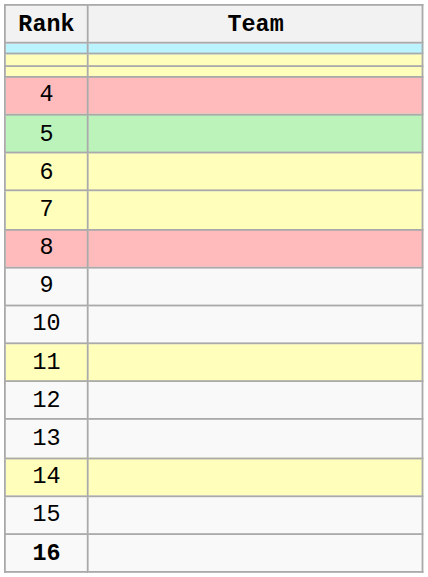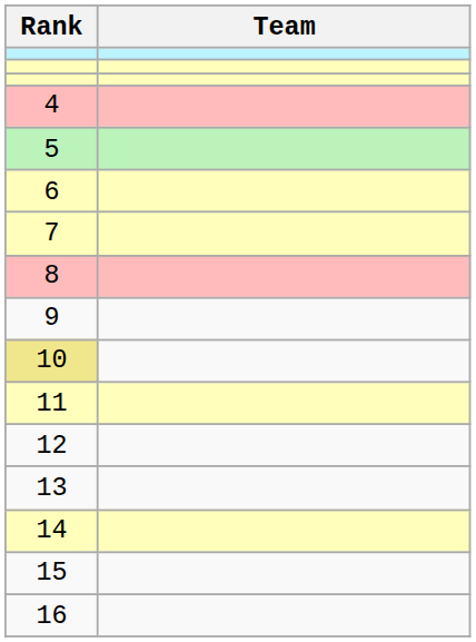 <table class="wikitable">
 <tr>
 <th width=40>Rank</th>
 <th width=180>Team</th>
 </tr>
 <tr bgcolor=#BBF3FF>
 <td align=center></td>
 <td></td>
 </tr>
 <tr bgcolor=#FFFFBB>
 <td align=center></td>
 <td></td>
 </tr>
 <tr bgcolor=#FFFFBB>
 <td align=center></td>
 <td></td>
 </tr>
 <tr bgcolor=#FFBBBB>
 <td align=center>4</td>
 <td></td>
 </tr>
 <tr bgcolor=#BBF3BB>
 <td align=center>5</td>
 <td></td>
 </tr>
 <tr bgcolor=#FFFFBB>
 <td align=center>6</td>
 <td></td>
 </tr>
 <tr bgcolor=#FFFFBB>
 <td align=center>7</td>
 <td></td>
 </tr>
 <tr bgcolor=#FFBBBB>
 <td align=center>8</td>
 <td></td>
 </tr>
 <tr>
 <td align=center>9</td>
 <td></td>
 </tr>
 <tr>
-<td align=center>10</td>
+<td align=center style="background: khaki;">10</td>
 <td></td>
 </tr>
 <tr bgcolor=#FFFFBB>
 <td align=center>11</td>
 <td></td>
 </tr>
 <tr>
 <td align=center>12</td>
 <td></td>
 </tr>
 <tr>
 <td align=center>13</td>
 <td></td>
 </tr>
 <tr bgcolor=#FFFFBB>
 <td align=center>14</td>
 <td></td>
 </tr>
 <tr>
 <td align=center>15</td>
 <td></td>
 </tr>
 <tr>
-<td align=center><strong>16</strong></td>
+<td align=center>16</td>
 <td></td>
 </tr>
 </table>
